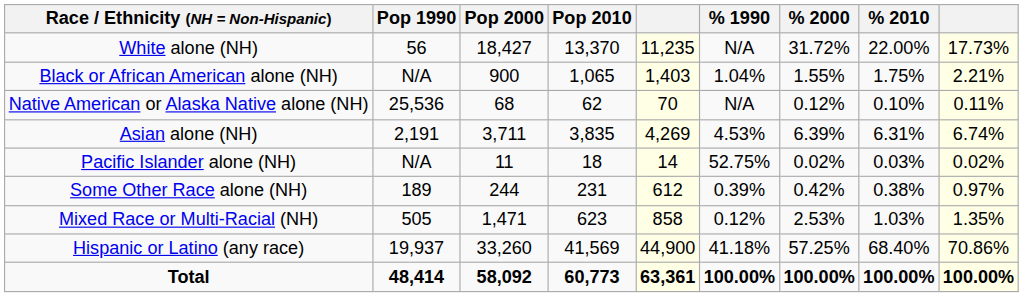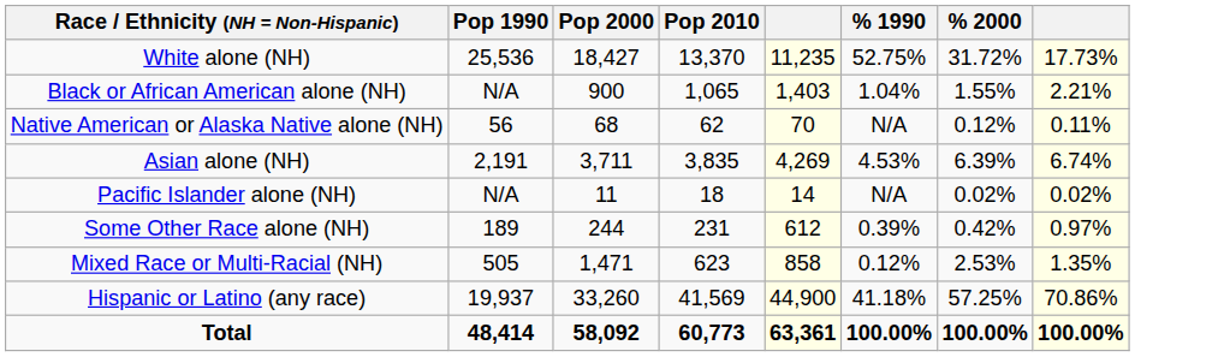 <table class="wikitable" style="text-align:center;">
 <tr>
 <th>Race / Ethnicity <small>(<em>NH = Non-Hispanic</em>)</small></th>
 <th>Pop 1990</th>
 <th>Pop 2000</th>
 <th>Pop 2010</th>
 <th></th>
 <th>% 1990</th>
 <th>% 2000</th>
-<th>% 2010</th>
 <th></th>
 </tr>
 <tr>
 <td><a href='#'>White</a> alone (NH)</td>
-<td>56</td>
+<td>25,536</td>
 <td>18,427</td>
 <td>13,370</td>
 <td style='background: #ffffe6;'>11,235</td>
-<td>N/A</td>
+<td>52.75%</td>
 <td>31.72%</td>
-<td>22.00%</td>
 <td style='background: #ffffe6;'>17.73%</td>
 </tr>
 <tr>
 <td><a href='#'>Black or African American</a> alone (NH)</td>
 <td>N/A</td>
 <td>900</td>
 <td>1,065</td>
 <td style='background: #ffffe6;'>1,403</td>
 <td>1.04%</td>
 <td>1.55%</td>
-<td>1.75%</td>
 <td style='background: #ffffe6;'>2.21%</td>
 </tr>
 <tr>
 <td><a href='#'>Native American</a> or <a href='#'>Alaska Native</a> alone (NH)</td>
-<td>25,536</td>
+<td>56</td>
 <td>68</td>
 <td>62</td>
 <td style='background: #ffffe6;'>70</td>
 <td>N/A</td>
 <td>0.12%</td>
-<td>0.10%</td>
 <td style='background: #ffffe6;'>0.11%</td>
 </tr>
 <tr>
 <td><a href='#'>Asian</a> alone (NH)</td>
 <td>2,191</td>
 <td>3,711</td>
 <td>3,835</td>
 <td style='background: #ffffe6;'>4,269</td>
 <td>4.53%</td>
 <td>6.39%</td>
-<td>6.31%</td>
 <td style='background: #ffffe6;'>6.74%</td>
 </tr>
 <tr>
 <td><a href='#'>Pacific Islander</a> alone (NH)</td>
 <td>N/A</td>
 <td>11</td>
 <td>18</td>
 <td style='background: #ffffe6;'>14</td>
-<td>52.75%</td>
+<td>N/A</td>
 <td>0.02%</td>
-<td>0.03%</td>
 <td style='background: #ffffe6;'>0.02%</td>
 </tr>
 <tr>
 <td><a href='#'>Some Other Race</a> alone (NH)</td>
 <td>189</td>
 <td>244</td>
 <td>231</td>
 <td style='background: #ffffe6;'>612</td>
 <td>0.39%</td>
 <td>0.42%</td>
-<td>0.38%</td>
 <td style='background: #ffffe6;'>0.97%</td>
 </tr>
 <tr>
 <td><a href='#'>Mixed Race or Multi-Racial</a> (NH)</td>
 <td>505</td>
 <td>1,471</td>
 <td>623</td>
 <td style='background: #ffffe6;'>858</td>
 <td>0.12%</td>
 <td>2.53%</td>
-<td>1.03%</td>
 <td style='background: #ffffe6;'>1.35%</td>
 </tr>
 <tr>
 <td><a href='#'>Hispanic or Latino</a> (any race)</td>
 <td>19,937</td>
 <td>33,260</td>
 <td>41,569</td>
 <td style='background: #ffffe6;'>44,900</td>
 <td>41.18%</td>
 <td>57.25%</td>
-<td>68.40%</td>
 <td style='background: #ffffe6;'>70.86%</td>
 </tr>
 <tr>
 <td><strong>Total</strong></td>
 <td><strong>48,414</strong></td>
 <td><strong>58,092</strong></td>
 <td><strong>60,773</strong></td>
 <td style='background: #ffffe6;'><strong>63,361</strong></td>
 <td><strong>100.00%</strong></td>
 <td><strong>100.00%</strong></td>
-<td><strong>100.00%</strong></td>
 <td style='background: #ffffe6;'><strong>100.00%</strong></td>
 </tr>
 </table>
